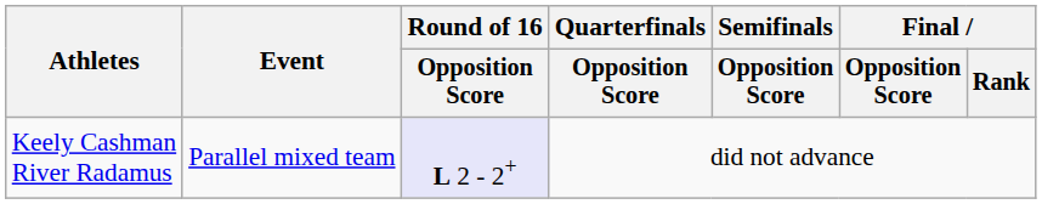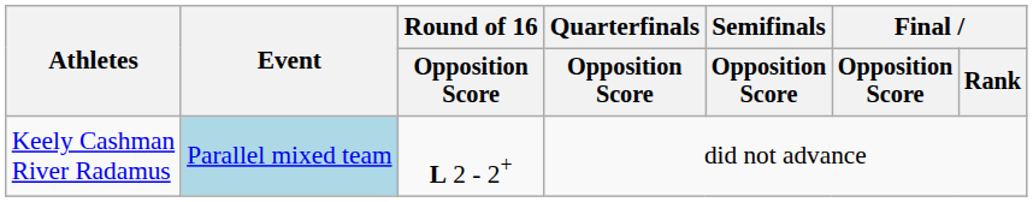 <table class="wikitable" style="font-size:90%">
 <tr>
 <th rowspan="2">Athletes</th>
 <th rowspan="2">Event</th>
 <th>Round of 16</th>
 <th>Quarterfinals</th>
 <th>Semifinals</th>
 <th colspan="2">Final / </th>
 </tr>
 <tr style="font-size:95%">
 <th>Opposition<br>Score</th>
 <th>Opposition<br>Score</th>
 <th>Opposition<br>Score</th>
 <th>Opposition<br>Score</th>
 <th>Rank</th>
 </tr>
 <tr align=center>
 <td align=left><a href='#'>Keely Cashman</a><br><a href='#'>River Radamus</a></td>
-<td align=left><a href='#'>Parallel mixed team</a></td>
-<td style="background: lavender;"><br><strong>L</strong> 2 - 2<sup>+</sup></td>
+<td align=left style="background: lightblue;"><a href='#'>Parallel mixed team</a></td>
+<td><br><strong>L</strong> 2 - 2<sup>+</sup></td>
 <td colspan=4>did not advance</td>
 </tr>
 </table>
